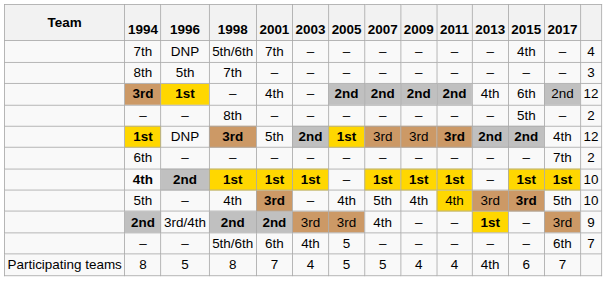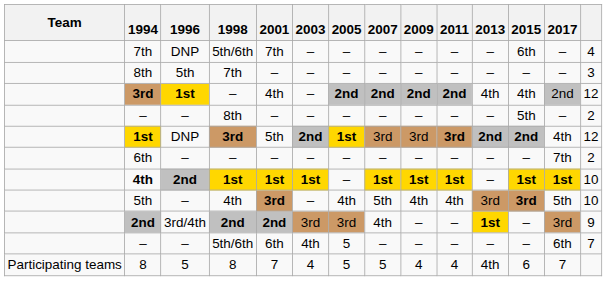 <table class=wikitable style="text-align:center;">
 <tr>
 <th>Team</th>
 <th><br>1994</th>
 <th><br>1996</th>
 <th><br>1998</th>
 <th><br>2001</th>
 <th><br>2003</th>
 <th><br>2005</th>
 <th><br>2007</th>
 <th><br>2009</th>
 <th><br>2011</th>
 <th><br>2013</th>
 <th><br>2015</th>
 <th><br>2017</th>
 <th></th>
 </tr>
 <tr>
 <td align=left></td>
 <td>7th</td>
 <td>DNP</td>
 <td>5th/6th</td>
 <td>7th</td>
 <td>–</td>
 <td>–</td>
 <td>–</td>
 <td>–</td>
 <td>–</td>
 <td>–</td>
-<td>4th</td>
+<td>6th</td>
 <td>–</td>
 <td>4</td>
 </tr>
 <tr>
 <td align=left></td>
 <td>8th</td>
 <td>5th</td>
 <td>7th</td>
 <td>–</td>
 <td>–</td>
 <td>–</td>
 <td>–</td>
 <td>–</td>
 <td>–</td>
 <td>–</td>
 <td>–</td>
 <td>–</td>
 <td>3</td>
 </tr>
 <tr>
 <td align=left></td>
 <td bgcolor="CC9966"><strong>3rd</strong></td>
 <td bgcolor=gold><strong>1st</strong></td>
 <td>–</td>
 <td>4th</td>
 <td>–</td>
 <td bgcolor=silver><strong>2nd</strong></td>
 <td bgcolor=silver><strong>2nd</strong></td>
 <td bgcolor=silver><strong>2nd</strong></td>
 <td bgcolor=silver><strong>2nd</strong></td>
 <td>4th</td>
-<td>6th</td>
+<td>4th</td>
 <td bgcolor=silver>2nd</td>
 <td>12</td>
 </tr>
 <tr>
 <td align=left></td>
 <td>–</td>
 <td>–</td>
 <td>8th</td>
 <td>–</td>
 <td>–</td>
 <td>–</td>
 <td>–</td>
 <td>–</td>
 <td>–</td>
 <td>–</td>
 <td>5th</td>
 <td>–</td>
 <td>2</td>
 </tr>
 <tr>
 <td align=left></td>
 <td bgcolor=gold><strong>1st</strong></td>
 <td>DNP</td>
 <td bgcolor="CC9966"><strong>3rd</strong></td>
 <td>5th</td>
 <td bgcolor=silver><strong>2nd</strong></td>
 <td bgcolor=gold><strong>1st</strong></td>
 <td bgcolor="CC9966">3rd</td>
 <td bgcolor="CC9966">3rd</td>
 <td bgcolor="CC9966"><strong>3rd</strong></td>
 <td bgcolor=silver><strong>2nd</strong></td>
 <td bgcolor=silver><strong>2nd</strong></td>
 <td>4th</td>
 <td>12</td>
 </tr>
 <tr>
 <td align=left></td>
 <td>6th</td>
 <td>–</td>
 <td>–</td>
 <td>–</td>
 <td>–</td>
 <td>–</td>
 <td>–</td>
 <td>–</td>
 <td>–</td>
 <td>–</td>
 <td>–</td>
 <td>7th</td>
 <td>2</td>
 </tr>
 <tr>
 <td align=left></td>
 <td><strong>4th</strong></td>
 <td bgcolor=silver><strong>2nd</strong></td>
 <td bgcolor="gold"><strong>1st</strong></td>
 <td bgcolor="gold"><strong>1st</strong></td>
 <td bgcolor=gold><strong>1st</strong></td>
 <td>–</td>
 <td bgcolor=gold><strong>1st</strong></td>
 <td bgcolor=gold><strong>1st</strong></td>
 <td bgcolor=gold><strong>1st</strong></td>
 <td>–</td>
 <td bgcolor=gold><strong>1st</strong></td>
 <td bgcolor=gold><strong>1st</strong></td>
 <td>10</td>
 </tr>
 <tr>
 <td align=left></td>
 <td>5th</td>
 <td>–</td>
 <td>4th</td>
 <td bgcolor="CC9966"><strong>3rd</strong></td>
 <td>–</td>
 <td>4th</td>
 <td>5th</td>
 <td>4th</td>
-<td style="background: gold;">4th</td>
+<td>4th</td>
 <td bgcolor="CC9966">3rd</td>
 <td bgcolor="CC9966"><strong>3rd</strong></td>
 <td>5th</td>
 <td>10</td>
 </tr>
 <tr>
 <td align=left></td>
 <td bgcolor="silver"><strong>2nd</strong></td>
 <td>3rd/4th</td>
 <td bgcolor="silver"><strong>2nd</strong></td>
 <td bgcolor="silver"><strong>2nd</strong></td>
 <td bgcolor="CC9966">3rd</td>
 <td bgcolor="CC9966">3rd</td>
 <td>4th</td>
 <td>–</td>
 <td>–</td>
 <td bgcolor=gold><strong>1st</strong></td>
 <td>–</td>
 <td bgcolor="CC9966">3rd</td>
 <td>9</td>
 </tr>
 <tr>
 <td align=left></td>
 <td>–</td>
 <td>–</td>
 <td>5th/6th</td>
 <td>6th</td>
 <td>4th</td>
 <td>5</td>
 <td>–</td>
 <td>–</td>
 <td>–</td>
 <td>–</td>
 <td>–</td>
 <td>6th</td>
 <td>7</td>
 </tr>
 <tr>
 <td align=left>Participating teams</td>
 <td>8</td>
 <td>5</td>
 <td>8</td>
 <td>7</td>
 <td>4</td>
 <td>5</td>
 <td>5</td>
 <td>4</td>
 <td>4</td>
 <td>4th</td>
 <td>6</td>
 <td>7</td>
 <td></td>
 </tr>
 </table>
